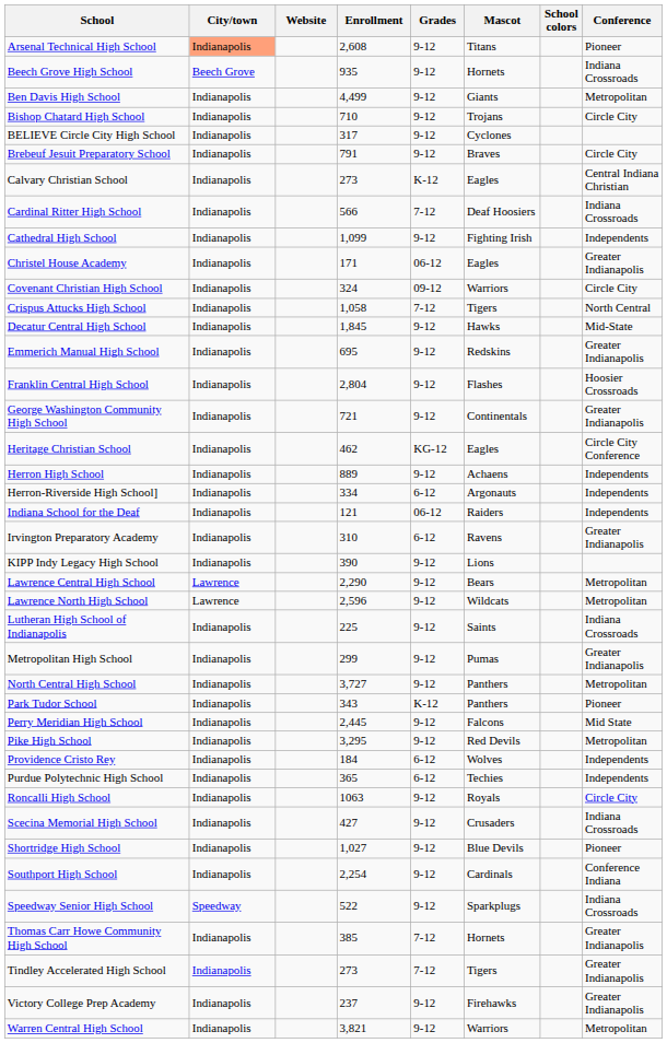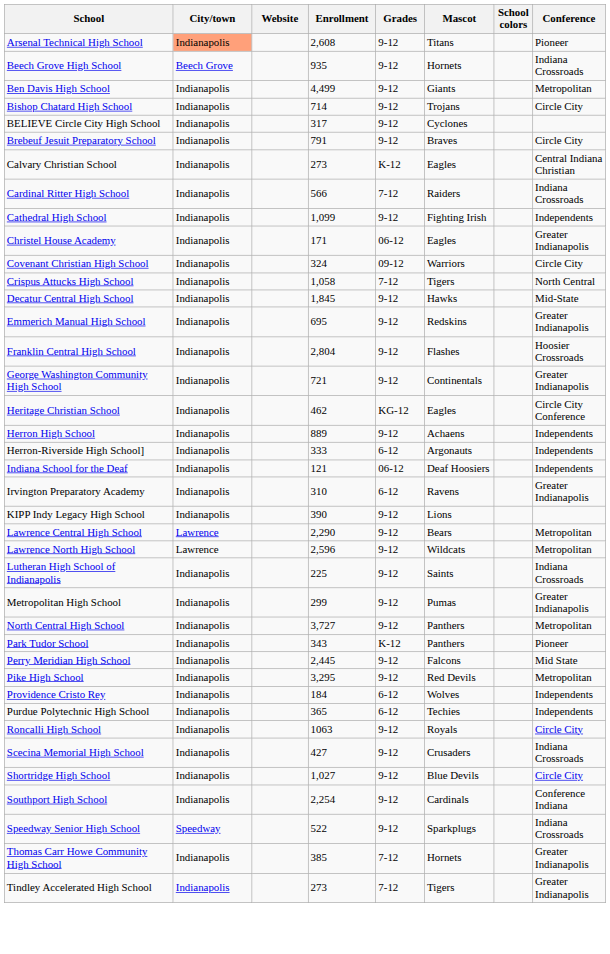 <table class="wikitable sortable" width="70%">
 <tr>
 <th width="20%">School</th>
 <th width="08%">City/town</th>
 <th width="06%">Website</th>
 <th width="04%">Enrollment</th>
 <th width="04%">Grades</th>
 <th width="04%">Mascot</th>
 <th width=01%>School colors</th>
 <th width="04%">Conference</th>
 </tr>
 <tr>
 <td><a href='#'>Arsenal Technical High School</a></td>
 <td style="background: lightsalmon;">Indianapolis</td>
 <td></td>
 <td>2,608</td>
 <td>9-12</td>
 <td>Titans</td>
 <td> </td>
 <td>Pioneer</td>
 </tr>
 <tr>
 <td><a href='#'>Beech Grove High School</a></td>
 <td><a href='#'>Beech Grove</a></td>
 <td></td>
 <td>935</td>
 <td>9-12</td>
 <td>Hornets</td>
 <td>  <br>  </td>
 <td>Indiana Crossroads</td>
 </tr>
 <tr>
 <td><a href='#'>Ben Davis High School</a></td>
 <td>Indianapolis</td>
 <td></td>
 <td>4,499</td>
 <td>9-12</td>
 <td>Giants</td>
 <td> </td>
 <td>Metropolitan</td>
 </tr>
 <tr>
 <td><a href='#'>Bishop Chatard High School</a></td>
 <td>Indianapolis</td>
 <td></td>
-<td>710</td>
+<td>714</td>
 <td>9-12</td>
 <td>Trojans</td>
 <td> </td>
 <td>Circle City</td>
 </tr>
 <tr>
 <td>BELIEVE Circle City High School</td>
 <td>Indianapolis</td>
 <td></td>
 <td>317</td>
 <td>9-12</td>
 <td>Cyclones</td>
 <td> </td>
 <td></td>
 </tr>
 <tr>
 <td><a href='#'>Brebeuf Jesuit Preparatory School</a></td>
 <td>Indianapolis</td>
 <td></td>
 <td>791</td>
 <td>9-12</td>
 <td>Braves</td>
 <td> </td>
 <td>Circle City</td>
 </tr>
 <tr>
 <td>Calvary Christian School</td>
 <td>Indianapolis</td>
 <td></td>
 <td>273</td>
 <td>K-12</td>
 <td>Eagles</td>
 <td>  </td>
 <td>Central Indiana Christian</td>
 </tr>
 <tr>
 <td><a href='#'>Cardinal Ritter High School</a></td>
 <td>Indianapolis</td>
 <td></td>
 <td>566</td>
 <td>7-12</td>
-<td>Deaf Hoosiers</td>
+<td>Raiders</td>
 <td>  <br>  </td>
 <td>Indiana Crossroads</td>
 </tr>
 <tr>
 <td><a href='#'>Cathedral High School</a></td>
 <td>Indianapolis</td>
 <td></td>
 <td>1,099</td>
 <td>9-12</td>
 <td>Fighting Irish</td>
 <td> </td>
 <td>Independents</td>
 </tr>
 <tr>
 <td><a href='#'>Christel House Academy</a></td>
 <td>Indianapolis</td>
 <td></td>
 <td>171</td>
 <td>06-12</td>
 <td>Eagles</td>
 <td> </td>
 <td>Greater Indianapolis</td>
 </tr>
 <tr>
 <td><a href='#'>Covenant Christian High School</a></td>
 <td>Indianapolis</td>
 <td></td>
 <td>324</td>
 <td>09-12</td>
 <td>Warriors</td>
 <td> </td>
 <td>Circle City</td>
 </tr>
 <tr>
 <td><a href='#'>Crispus Attucks High School</a></td>
 <td>Indianapolis</td>
 <td></td>
 <td>1,058</td>
 <td>7-12</td>
 <td>Tigers</td>
 <td> </td>
 <td>North Central</td>
 </tr>
 <tr>
 <td><a href='#'>Decatur Central High School</a></td>
 <td>Indianapolis</td>
 <td></td>
 <td>1,845</td>
 <td>9-12</td>
 <td>Hawks</td>
 <td> </td>
 <td>Mid-State</td>
 </tr>
 <tr>
 <td><a href='#'>Emmerich Manual High School</a></td>
 <td>Indianapolis</td>
 <td></td>
 <td>695</td>
 <td>9-12</td>
 <td>Redskins</td>
 <td> </td>
 <td>Greater Indianapolis</td>
 </tr>
 <tr>
 <td><a href='#'>Franklin Central High School</a></td>
 <td>Indianapolis</td>
 <td></td>
 <td>2,804</td>
 <td>9-12</td>
 <td>Flashes</td>
 <td> </td>
 <td>Hoosier Crossroads</td>
 </tr>
 <tr>
 <td><a href='#'>George Washington Community High School</a></td>
 <td>Indianapolis</td>
 <td></td>
 <td>721</td>
 <td>9-12</td>
 <td>Continentals</td>
 <td> </td>
 <td>Greater Indianapolis</td>
 </tr>
 <tr>
 <td><a href='#'>Heritage Christian School</a></td>
 <td>Indianapolis</td>
 <td></td>
 <td>462</td>
 <td>KG-12</td>
 <td>Eagles</td>
 <td> </td>
 <td>Circle City Conference</td>
 </tr>
 <tr>
 <td><a href='#'>Herron High School</a></td>
 <td>Indianapolis</td>
 <td></td>
 <td>889</td>
 <td>9-12</td>
 <td>Achaens</td>
 <td> </td>
 <td>Independents</td>
 </tr>
 <tr>
 <td>Herron-Riverside High School]</td>
 <td>Indianapolis</td>
 <td></td>
-<td>334</td>
+<td>333</td>
 <td>6-12</td>
 <td>Argonauts</td>
 <td> </td>
 <td>Independents</td>
 </tr>
 <tr>
 <td><a href='#'>Indiana School for the Deaf</a></td>
 <td>Indianapolis</td>
 <td></td>
 <td>121</td>
 <td>06-12</td>
-<td>Raiders</td>
+<td>Deaf Hoosiers</td>
 <td></td>
 <td>Independents</td>
 </tr>
 <tr>
 <td>Irvington Preparatory Academy</td>
 <td>Indianapolis</td>
 <td></td>
 <td>310</td>
 <td>6-12</td>
 <td>Ravens</td>
 <td> </td>
 <td>Greater Indianapolis</td>
 </tr>
 <tr>
 <td>KIPP Indy Legacy High School</td>
 <td>Indianapolis</td>
 <td></td>
 <td>390</td>
 <td>9-12</td>
 <td>Lions</td>
 <td> </td>
 <td></td>
 </tr>
 <tr>
 <td><a href='#'>Lawrence Central High School</a></td>
 <td><a href='#'>Lawrence</a></td>
 <td></td>
 <td>2,290</td>
 <td>9-12</td>
 <td>Bears</td>
 <td>  </td>
 <td>Metropolitan</td>
 </tr>
 <tr>
 <td><a href='#'>Lawrence North High School</a></td>
 <td>Lawrence</td>
 <td></td>
 <td>2,596</td>
 <td>9-12</td>
 <td>Wildcats</td>
 <td> </td>
 <td>Metropolitan</td>
 </tr>
 <tr>
 <td><a href='#'>Lutheran High School of Indianapolis</a></td>
 <td>Indianapolis</td>
 <td></td>
 <td>225</td>
 <td>9-12</td>
 <td>Saints</td>
 <td> </td>
 <td>Indiana Crossroads</td>
 </tr>
 <tr>
 <td>Metropolitan High School</td>
 <td>Indianapolis</td>
 <td></td>
 <td>299</td>
 <td>9-12</td>
 <td>Pumas</td>
 <td> </td>
 <td>Greater Indianapolis</td>
 </tr>
 <tr>
 <td><a href='#'>North Central High School</a></td>
 <td>Indianapolis</td>
 <td></td>
 <td>3,727</td>
 <td>9-12</td>
 <td>Panthers</td>
 <td>  </td>
 <td>Metropolitan</td>
 </tr>
 <tr>
 <td><a href='#'>Park Tudor School</a></td>
 <td>Indianapolis</td>
 <td></td>
 <td>343</td>
 <td>K-12</td>
 <td>Panthers</td>
 <td>  </td>
 <td>Pioneer</td>
 </tr>
 <tr>
 <td><a href='#'>Perry Meridian High School</a></td>
 <td>Indianapolis</td>
 <td></td>
 <td>2,445</td>
 <td>9-12</td>
 <td>Falcons</td>
 <td>  </td>
 <td>Mid State</td>
 </tr>
 <tr>
 <td><a href='#'>Pike High School</a></td>
 <td>Indianapolis</td>
 <td></td>
 <td>3,295</td>
 <td>9-12</td>
 <td>Red Devils</td>
 <td> </td>
 <td>Metropolitan</td>
 </tr>
 <tr>
 <td><a href='#'>Providence Cristo Rey</a></td>
 <td>Indianapolis</td>
 <td></td>
 <td>184</td>
 <td>6-12</td>
 <td>Wolves</td>
 <td> </td>
 <td>Independents</td>
 </tr>
 <tr>
 <td>Purdue Polytechnic High School</td>
 <td>Indianapolis</td>
 <td></td>
 <td>365</td>
 <td>6-12</td>
 <td>Techies</td>
 <td> </td>
 <td>Independents</td>
 </tr>
 <tr>
 <td><a href='#'>Roncalli High School</a></td>
 <td>Indianapolis</td>
 <td></td>
 <td>1063</td>
 <td>9-12</td>
 <td>Royals</td>
 <td>  </td>
 <td><a href='#'>Circle City</a></td>
 </tr>
 <tr>
 <td><a href='#'>Scecina Memorial High School</a></td>
 <td>Indianapolis</td>
 <td></td>
 <td>427</td>
 <td>9-12</td>
 <td>Crusaders</td>
 <td> </td>
 <td>Indiana Crossroads</td>
 </tr>
 <tr>
 <td><a href='#'>Shortridge High School</a></td>
 <td>Indianapolis</td>
 <td></td>
 <td>1,027</td>
 <td>9-12</td>
 <td>Blue Devils</td>
 <td> </td>
-<td>Pioneer</td>
+<td><a href='#'>Circle City</a></td>
 </tr>
 <tr>
 <td><a href='#'>Southport High School</a></td>
 <td>Indianapolis</td>
 <td></td>
 <td>2,254</td>
 <td>9-12</td>
 <td>Cardinals</td>
 <td> </td>
 <td>Conference Indiana</td>
 </tr>
 <tr>
 <td><a href='#'>Speedway Senior High School</a></td>
 <td><a href='#'>Speedway</a></td>
 <td></td>
 <td>522</td>
 <td>9-12</td>
 <td>Sparkplugs</td>
 <td> </td>
 <td>Indiana Crossroads</td>
 </tr>
 <tr>
 <td><a href='#'>Thomas Carr Howe Community High School</a></td>
 <td>Indianapolis</td>
 <td></td>
 <td>385</td>
 <td>7-12</td>
 <td>Hornets</td>
 <td> </td>
 <td>Greater Indianapolis</td>
 </tr>
 <tr>
 <td>Tindley Accelerated High School</td>
 <td><a href='#'>Indianapolis</a></td>
 <td></td>
 <td>273</td>
 <td>7-12</td>
 <td>Tigers</td>
 <td> </td>
 <td>Greater Indianapolis</td>
 </tr>
-<tr>
-<td>Victory College Prep Academy</td>
-<td>Indianapolis</td>
-<td></td>
-<td>237</td>
-<td>9-12</td>
-<td>Firehawks</td>
-<td> </td>
-<td>Greater Indianapolis</td>
-</tr>
-<tr>
-<td><a href='#'>Warren Central High School</a></td>
-<td>Indianapolis</td>
-<td></td>
-<td>3,821</td>
-<td>9-12</td>
-<td>Warriors</td>
-<td> </td>
-<td>Metropolitan</td>
-</tr>
 </table>
